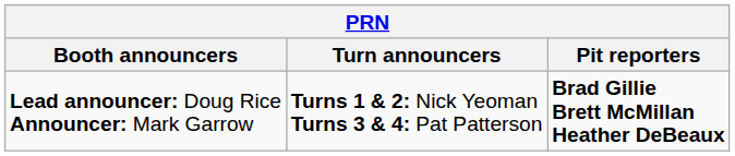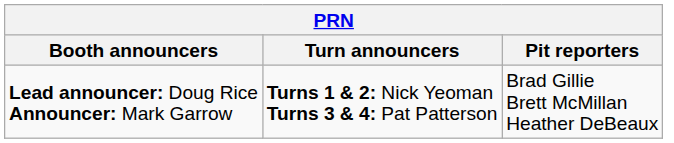 <table class="wikitable" style="font-size: 95%">
 <tr>
 <th colspan="3"><a href='#'>PRN</a></th>
 </tr>
 <tr>
 <th>Booth announcers</th>
 <th>Turn announcers</th>
 <th>Pit reporters</th>
 </tr>
 <tr>
 <td><strong>Lead announcer:</strong> Doug Rice<br><strong>Announcer:</strong> Mark Garrow</td>
 <td><strong>Turns 1 & 2:</strong> Nick Yeoman<br><strong>Turns 3 & 4:</strong> Pat Patterson</td>
-<td><strong>Brad Gillie<br>Brett McMillan<br>Heather DeBeaux</strong></td>
+<td>Brad Gillie<br>Brett McMillan<br>Heather DeBeaux</td>
 </tr>
 </table>
